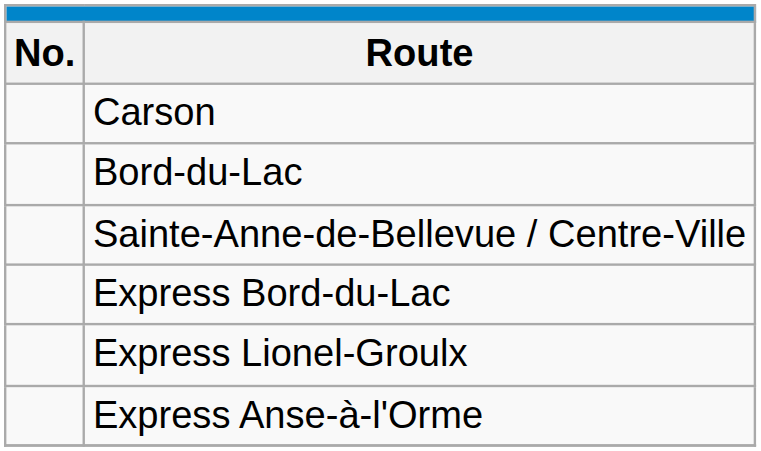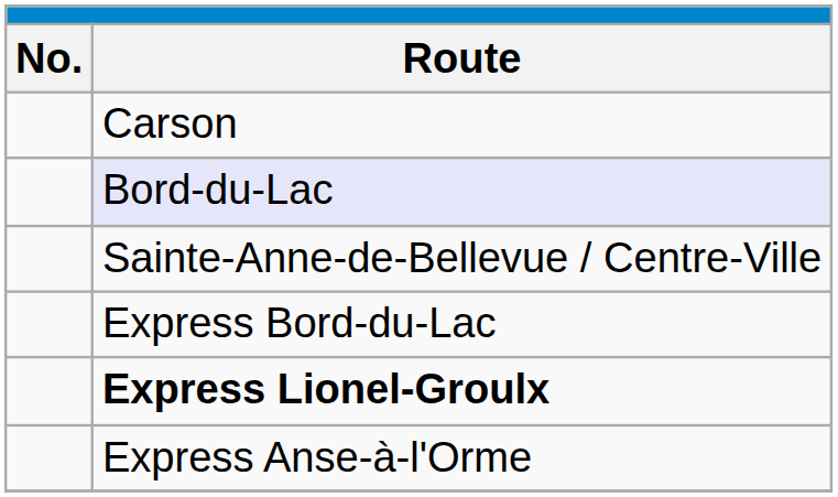 <table align=center class="wikitable">
 <tr>
 <th style="background: #0085CA; font-size:100%; color:#FFFFFF;"colspan="4"><a href='#'></a></th>
 </tr>
 <tr>
 <th>No.</th>
 <th>Route</th>
 </tr>
 <tr>
 <td></td>
 <td>Carson</td>
 </tr>
 <tr>
 <td></td>
-<td>Bord-du-Lac</td>
+<td style="background: lavender;">Bord-du-Lac</td>
 </tr>
 <tr>
 <td {{Avoid wrap> </td>
 <td>Sainte-Anne-de-Bellevue / Centre-Ville</td>
 </tr>
 <tr>
 <td></td>
 <td>Express Bord-du-Lac</td>
 </tr>
 <tr>
 <td></td>
-<td>Express Lionel-Groulx</td>
+<td><strong>Express Lionel-Groulx</strong></td>
 </tr>
 <tr>
 <td></td>
 <td>Express Anse-à-l'Orme</td>
 </tr>
 <tr>
 </tr>
 </table>
